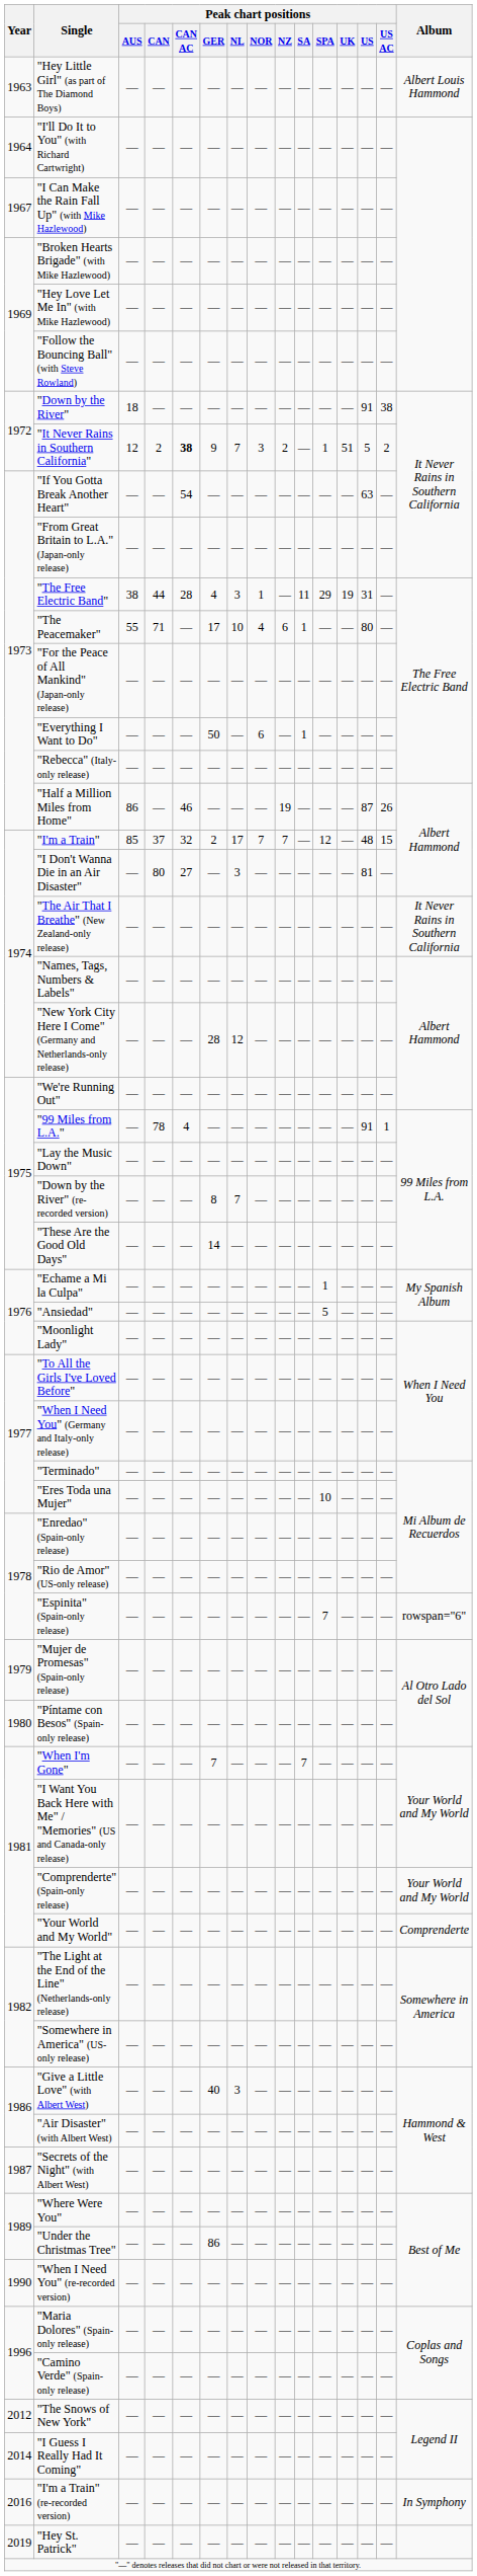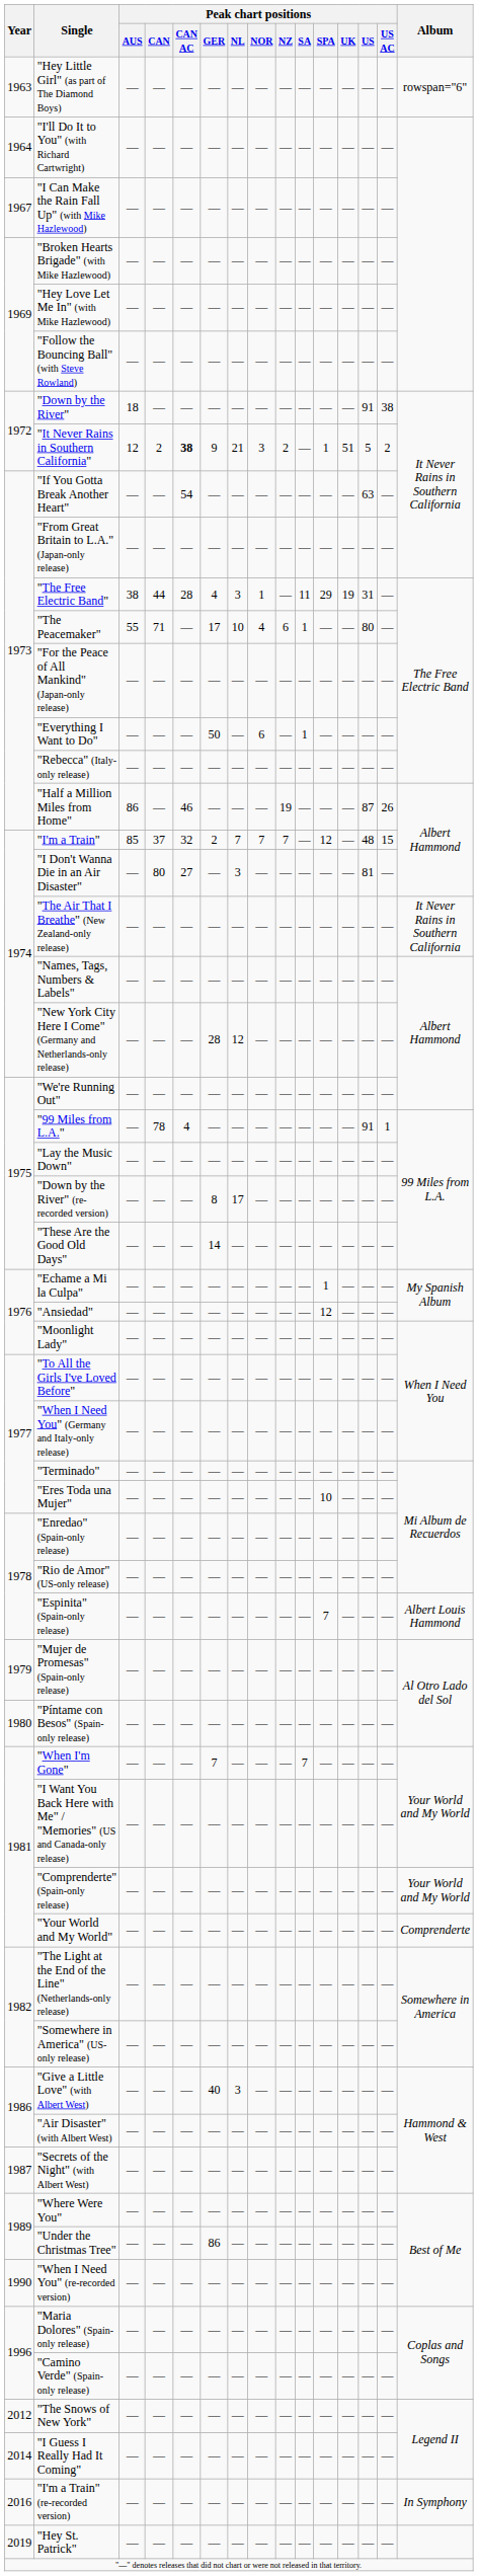 <table class="wikitable" style="text-align:center">
 <tr>
 <th rowspan="2">Year</th>
 <th rowspan="2" style="width:17em;">Single</th>
 <th colspan="12">Peak chart positions</th>
 <th rowspan="2">Album</th>
 </tr>
 <tr>
 <th><small><a href='#'>AUS</a></small><br></th>
 <th><small><a href='#'>CAN</a></small><br></th>
 <th><small><a href='#'>CAN AC</a></small><br></th>
 <th><small><a href='#'>GER</a></small><br></th>
 <th><small><a href='#'>NL</a></small><br></th>
 <th><small><a href='#'>NOR</a></small><br></th>
 <th><small><a href='#'>NZ</a></small><br></th>
 <th><small><a href='#'>SA</a></small><br></th>
 <th><small><a href='#'>SPA</a></small><br></th>
 <th><small><a href='#'>UK</a></small><br></th>
 <th><small><a href='#'>US</a></small><br></th>
 <th><small><a href='#'>US AC</a></small><br></th>
 </tr>
 <tr>
 <td>1963</td>
 <td align="left">"Hey Little Girl" <small>(as part of The Diamond Boys)</small></td>
 <td>—</td>
 <td>—</td>
 <td>—</td>
 <td>—</td>
 <td>—</td>
 <td>—</td>
 <td>—</td>
 <td>—</td>
 <td>—</td>
 <td>—</td>
 <td>—</td>
 <td>—</td>
-<td><em>Albert Louis Hammond</em></td>
+<td>rowspan="6" </td>
 </tr>
 <tr>
 <td>1964</td>
 <td align="left">"I'll Do It to You" <small>(with Richard Cartwright)</small></td>
 <td>—</td>
 <td>—</td>
 <td>—</td>
 <td>—</td>
 <td>—</td>
 <td>—</td>
 <td>—</td>
 <td>—</td>
 <td>—</td>
 <td>—</td>
 <td>—</td>
 <td>—</td>
 </tr>
 <tr>
 <td>1967</td>
 <td align="left">"I Can Make the Rain Fall Up" <small>(with <a href='#'>Mike Hazlewood</a>)</small></td>
 <td>—</td>
 <td>—</td>
 <td>—</td>
 <td>—</td>
 <td>—</td>
 <td>—</td>
 <td>—</td>
 <td>—</td>
 <td>—</td>
 <td>—</td>
 <td>—</td>
 <td>—</td>
 </tr>
 <tr>
 <td rowspan="3">1969</td>
 <td align="left">"Broken Hearts Brigade" <small>(with Mike Hazlewood)</small></td>
 <td>—</td>
 <td>—</td>
 <td>—</td>
 <td>—</td>
 <td>—</td>
 <td>—</td>
 <td>—</td>
 <td>—</td>
 <td>—</td>
 <td>—</td>
 <td>—</td>
 <td>—</td>
 </tr>
 <tr>
 <td align="left">"Hey Love Let Me In" <small>(with Mike Hazlewood)</small></td>
 <td>—</td>
 <td>—</td>
 <td>—</td>
 <td>—</td>
 <td>—</td>
 <td>—</td>
 <td>—</td>
 <td>—</td>
 <td>—</td>
 <td>—</td>
 <td>—</td>
 <td>—</td>
 </tr>
 <tr>
 <td align="left">"Follow the Bouncing Ball" <small>(with <a href='#'>Steve Rowland</a>)</small></td>
 <td>—</td>
 <td>—</td>
 <td>—</td>
 <td>—</td>
 <td>—</td>
 <td>—</td>
 <td>—</td>
 <td>—</td>
 <td>—</td>
 <td>—</td>
 <td>—</td>
 <td>—</td>
 </tr>
 <tr>
 <td rowspan="2">1972</td>
 <td align="left">"<a href='#'>Down by the River</a>"</td>
 <td>18</td>
 <td>—</td>
 <td>—</td>
 <td>—</td>
 <td>—</td>
 <td>—</td>
 <td>—</td>
 <td>—</td>
 <td>—</td>
 <td>—</td>
 <td>91</td>
 <td>38</td>
 <td rowspan="4"><em>It Never Rains in Southern California</em></td>
 </tr>
 <tr>
 <td align="left">"<a href='#'>It Never Rains in Southern California</a>"</td>
 <td>12</td>
 <td>2</td>
 <td><strong>38</strong></td>
 <td>9</td>
-<td>7</td>
+<td>21</td>
 <td>3</td>
 <td>2</td>
 <td>—</td>
 <td>1</td>
 <td>51</td>
 <td>5</td>
 <td>2</td>
 </tr>
 <tr>
 <td rowspan="8">1973</td>
 <td align="left">"If You Gotta Break Another Heart"</td>
 <td>—</td>
 <td>—</td>
 <td>54</td>
 <td>—</td>
 <td>—</td>
 <td>—</td>
 <td>—</td>
 <td>—</td>
 <td>—</td>
 <td>—</td>
 <td>63</td>
 <td>—</td>
 </tr>
 <tr>
 <td align="left">"From Great Britain to L.A." <small>(Japan-only release)</small></td>
 <td>—</td>
 <td>—</td>
 <td>—</td>
 <td>—</td>
 <td>—</td>
 <td>—</td>
 <td>—</td>
 <td>—</td>
 <td>—</td>
 <td>—</td>
 <td>—</td>
 <td>—</td>
 </tr>
 <tr>
 <td align="left">"<a href='#'>The Free Electric Band</a>"</td>
 <td>38</td>
 <td>44</td>
 <td>28</td>
 <td>4</td>
 <td>3</td>
 <td>1</td>
 <td>—</td>
 <td>11</td>
 <td>29</td>
 <td>19</td>
 <td>31</td>
 <td>—</td>
 <td rowspan="5"><em>The Free Electric Band</em></td>
 </tr>
 <tr>
 <td align="left">"The Peacemaker"</td>
 <td>55</td>
 <td>71</td>
 <td>—</td>
 <td>17</td>
 <td>10</td>
 <td>4</td>
 <td>6</td>
 <td>1</td>
 <td>—</td>
 <td>—</td>
 <td>80</td>
 <td>—</td>
 </tr>
 <tr>
 <td align="left">"For the Peace of All Mankind" <small>(Japan-only release)</small></td>
 <td>—</td>
 <td>—</td>
 <td>—</td>
 <td>—</td>
 <td>—</td>
 <td>—</td>
 <td>—</td>
 <td>—</td>
 <td>—</td>
 <td>—</td>
 <td>—</td>
 <td>—</td>
 </tr>
 <tr>
 <td align="left">"Everything I Want to Do"</td>
 <td>—</td>
 <td>—</td>
 <td>—</td>
 <td>50</td>
 <td>—</td>
 <td>6</td>
 <td>—</td>
 <td>1</td>
 <td>—</td>
 <td>—</td>
 <td>—</td>
 <td>—</td>
 </tr>
 <tr>
 <td align="left">"Rebecca" <small>(Italy-only release)</small></td>
 <td>—</td>
 <td>—</td>
 <td>—</td>
 <td>—</td>
 <td>—</td>
 <td>—</td>
 <td>—</td>
 <td>—</td>
 <td>—</td>
 <td>—</td>
 <td>—</td>
 <td>—</td>
 </tr>
 <tr>
 <td align="left">"Half a Million Miles from Home"</td>
 <td>86</td>
 <td>—</td>
 <td>46</td>
 <td>—</td>
 <td>—</td>
 <td>—</td>
 <td>19</td>
 <td>—</td>
 <td>—</td>
 <td>—</td>
 <td>87</td>
 <td>26</td>
 <td rowspan="3"><em>Albert Hammond</em></td>
 </tr>
 <tr>
 <td rowspan="5">1974</td>
 <td align="left">"<a href='#'>I'm a Train</a>"</td>
 <td>85</td>
 <td>37</td>
 <td>32</td>
 <td>2</td>
-<td>17</td>
+<td>7</td>
 <td>7</td>
 <td>7</td>
 <td>—</td>
 <td>12</td>
 <td>—</td>
 <td>48</td>
 <td>15</td>
 </tr>
 <tr>
 <td align="left">"I Don't Wanna Die in an Air Disaster"</td>
 <td>—</td>
 <td>80</td>
 <td>27</td>
 <td>—</td>
 <td>3</td>
 <td>—</td>
 <td>—</td>
 <td>—</td>
 <td>—</td>
 <td>—</td>
 <td>81</td>
 <td>—</td>
 </tr>
 <tr>
 <td align="left">"<a href='#'>The Air That I Breathe</a>" <small>(New Zealand-only release)</small></td>
 <td>—</td>
 <td>—</td>
 <td>—</td>
 <td>—</td>
 <td>—</td>
 <td>—</td>
 <td>—</td>
 <td>—</td>
 <td>—</td>
 <td>—</td>
 <td>—</td>
 <td>—</td>
 <td><em>It Never Rains in Southern California</em></td>
 </tr>
 <tr>
 <td align="left">"Names, Tags, Numbers & Labels"</td>
 <td>—</td>
 <td>—</td>
 <td>—</td>
 <td>—</td>
 <td>—</td>
 <td>—</td>
 <td>—</td>
 <td>—</td>
 <td>—</td>
 <td>—</td>
 <td>—</td>
 <td>—</td>
 <td rowspan="3"><em>Albert Hammond</em></td>
 </tr>
 <tr>
 <td align="left">"New York City Here I Come" <small>(Germany and Netherlands-only release)</small></td>
 <td>—</td>
 <td>—</td>
 <td>—</td>
 <td>28</td>
 <td>12</td>
 <td>—</td>
 <td>—</td>
 <td>—</td>
 <td>—</td>
 <td>—</td>
 <td>—</td>
 <td>—</td>
 </tr>
 <tr>
 <td rowspan="5">1975</td>
 <td align="left">"We're Running Out"</td>
 <td>—</td>
 <td>—</td>
 <td>—</td>
 <td>—</td>
 <td>—</td>
 <td>—</td>
 <td>—</td>
 <td>—</td>
 <td>—</td>
 <td>—</td>
 <td>—</td>
 <td>—</td>
 </tr>
 <tr>
 <td align="left">"<a href='#'>99 Miles from L.A.</a>"</td>
 <td>—</td>
 <td>78</td>
 <td>4</td>
 <td>—</td>
 <td>—</td>
 <td>—</td>
 <td>—</td>
 <td>—</td>
 <td>—</td>
 <td>—</td>
 <td>91</td>
 <td>1</td>
 <td rowspan="4"><em>99 Miles from L.A.</em></td>
 </tr>
 <tr>
 <td align="left">"Lay the Music Down"</td>
 <td>—</td>
 <td>—</td>
 <td>—</td>
 <td>—</td>
 <td>—</td>
 <td>—</td>
 <td>—</td>
 <td>—</td>
 <td>—</td>
 <td>—</td>
 <td>—</td>
 <td>—</td>
 </tr>
 <tr>
 <td align="left">"Down by the River" <small>(re-recorded version)</small></td>
 <td>—</td>
 <td>—</td>
 <td>—</td>
 <td>8</td>
-<td>7</td>
+<td>17</td>
 <td>—</td>
 <td>—</td>
 <td>—</td>
 <td>—</td>
 <td>—</td>
 <td>—</td>
 <td>—</td>
 </tr>
 <tr>
 <td align="left">"These Are the Good Old Days"</td>
 <td>—</td>
 <td>—</td>
 <td>—</td>
 <td>14</td>
 <td>—</td>
 <td>—</td>
 <td>—</td>
 <td>—</td>
 <td>—</td>
 <td>—</td>
 <td>—</td>
 <td>—</td>
 </tr>
 <tr>
 <td rowspan="3">1976</td>
 <td align="left">"Echame a Mi la Culpa"</td>
 <td>—</td>
 <td>—</td>
 <td>—</td>
 <td>—</td>
 <td>—</td>
 <td>—</td>
 <td>—</td>
 <td>—</td>
 <td>1</td>
 <td>—</td>
 <td>—</td>
 <td>—</td>
 <td rowspan="2"><em>My Spanish Album</em></td>
 </tr>
 <tr>
 <td align="left">"Ansiedad"</td>
 <td>—</td>
 <td>—</td>
 <td>—</td>
 <td>—</td>
 <td>—</td>
 <td>—</td>
 <td>—</td>
 <td>—</td>
-<td>5</td>
+<td>12</td>
 <td>—</td>
 <td>—</td>
 <td>—</td>
 </tr>
 <tr>
 <td align="left">"Moonlight Lady"</td>
 <td>—</td>
 <td>—</td>
 <td>—</td>
 <td>—</td>
 <td>—</td>
 <td>—</td>
 <td>—</td>
 <td>—</td>
 <td>—</td>
 <td>—</td>
 <td>—</td>
 <td>—</td>
 <td rowspan="3"><em>When I Need You</em></td>
 </tr>
 <tr>
 <td rowspan="4">1977</td>
 <td align="left">"<a href='#'>To All the Girls I've Loved Before</a>"</td>
 <td>—</td>
 <td>—</td>
 <td>—</td>
 <td>—</td>
 <td>—</td>
 <td>—</td>
 <td>—</td>
 <td>—</td>
 <td>—</td>
 <td>—</td>
 <td>—</td>
 <td>—</td>
 </tr>
 <tr>
 <td align="left">"<a href='#'>When I Need You</a>" <small>(Germany and Italy-only release)</small></td>
 <td>—</td>
 <td>—</td>
 <td>—</td>
 <td>—</td>
 <td>—</td>
 <td>—</td>
 <td>—</td>
 <td>—</td>
 <td>—</td>
 <td>—</td>
 <td>—</td>
 <td>—</td>
 </tr>
 <tr>
 <td align="left">"Terminado"</td>
 <td>—</td>
 <td>—</td>
 <td>—</td>
 <td>—</td>
 <td>—</td>
 <td>—</td>
 <td>—</td>
 <td>—</td>
 <td>—</td>
 <td>—</td>
 <td>—</td>
 <td>—</td>
 <td rowspan="4"><em>Mi Album de Recuerdos</em></td>
 </tr>
 <tr>
 <td align="left">"Eres Toda una Mujer"</td>
 <td>—</td>
 <td>—</td>
 <td>—</td>
 <td>—</td>
 <td>—</td>
 <td>—</td>
 <td>—</td>
 <td>—</td>
 <td>10</td>
 <td>—</td>
 <td>—</td>
 <td>—</td>
 </tr>
 <tr>
 <td rowspan="3">1978</td>
 <td align="left">"Enredao" <small>(Spain-only release)</small></td>
 <td>—</td>
 <td>—</td>
 <td>—</td>
 <td>—</td>
 <td>—</td>
 <td>—</td>
 <td>—</td>
 <td>—</td>
 <td>—</td>
 <td>—</td>
 <td>—</td>
 <td>—</td>
 </tr>
 <tr>
 <td align="left">"Rio de Amor" <small>(US-only release)</small></td>
 <td>—</td>
 <td>—</td>
 <td>—</td>
 <td>—</td>
 <td>—</td>
 <td>—</td>
 <td>—</td>
 <td>—</td>
 <td>—</td>
 <td>—</td>
 <td>—</td>
 <td>—</td>
 </tr>
 <tr>
 <td align="left">"Espinita" <small>(Spain-only release)</small></td>
 <td>—</td>
 <td>—</td>
 <td>—</td>
 <td>—</td>
 <td>—</td>
 <td>—</td>
 <td>—</td>
 <td>—</td>
 <td>7</td>
 <td>—</td>
 <td>—</td>
 <td>—</td>
-<td>rowspan="6" </td>
+<td><em>Albert Louis Hammond</em></td>
 </tr>
 <tr>
 <td>1979</td>
 <td align="left">"Mujer de Promesas" <small>(Spain-only release)</small></td>
 <td>—</td>
 <td>—</td>
 <td>—</td>
 <td>—</td>
 <td>—</td>
 <td>—</td>
 <td>—</td>
 <td>—</td>
 <td>—</td>
 <td>—</td>
 <td>—</td>
 <td>—</td>
 <td rowspan="2"><em>Al Otro Lado del Sol</em></td>
 </tr>
 <tr>
 <td>1980</td>
 <td align="left">"Píntame con Besos" <small>(Spain-only release)</small></td>
 <td>—</td>
 <td>—</td>
 <td>—</td>
 <td>—</td>
 <td>—</td>
 <td>—</td>
 <td>—</td>
 <td>—</td>
 <td>—</td>
 <td>—</td>
 <td>—</td>
 <td>—</td>
 </tr>
 <tr>
 <td rowspan="4">1981</td>
 <td align="left">"<a href='#'>When I'm Gone</a>"</td>
 <td>—</td>
 <td>—</td>
 <td>—</td>
 <td>7</td>
 <td>—</td>
 <td>—</td>
 <td>—</td>
 <td>7</td>
 <td>—</td>
 <td>—</td>
 <td>—</td>
 <td>—</td>
 <td rowspan="2"><em>Your World and My World</em></td>
 </tr>
 <tr>
 <td align="left">"I Want You Back Here with Me" / "Memories" <small>(US and Canada-only release)</small></td>
 <td>—</td>
 <td>—</td>
 <td>—</td>
 <td>—</td>
 <td>—</td>
 <td>—</td>
 <td>—</td>
 <td>—</td>
 <td>—</td>
 <td>—</td>
 <td>—</td>
 <td>—</td>
 </tr>
 <tr>
 <td align="left">"Comprenderte" <small>(Spain-only release)</small></td>
 <td>—</td>
 <td>—</td>
 <td>—</td>
 <td>—</td>
 <td>—</td>
 <td>—</td>
 <td>—</td>
 <td>—</td>
 <td>—</td>
 <td>—</td>
 <td>—</td>
 <td>—</td>
 <td><em>Your World and My World</em></td>
 </tr>
 <tr>
 <td align="left">"Your World and My World"</td>
 <td>—</td>
 <td>—</td>
 <td>—</td>
 <td>—</td>
 <td>—</td>
 <td>—</td>
 <td>—</td>
 <td>—</td>
 <td>—</td>
 <td>—</td>
 <td>—</td>
 <td>—</td>
 <td><em>Comprenderte</em></td>
 </tr>
 <tr>
 <td rowspan="2">1982</td>
 <td align="left">"The Light at the End of the Line" <small>(Netherlands-only release)</small></td>
 <td>—</td>
 <td>—</td>
 <td>—</td>
 <td>—</td>
 <td>—</td>
 <td>—</td>
 <td>—</td>
 <td>—</td>
 <td>—</td>
 <td>—</td>
 <td>—</td>
 <td>—</td>
 <td rowspan="2"><em>Somewhere in America</em></td>
 </tr>
 <tr>
 <td align="left">"Somewhere in America" <small>(US-only release)</small></td>
 <td>—</td>
 <td>—</td>
 <td>—</td>
 <td>—</td>
 <td>—</td>
 <td>—</td>
 <td>—</td>
 <td>—</td>
 <td>—</td>
 <td>—</td>
 <td>—</td>
 <td>—</td>
 </tr>
 <tr>
 <td rowspan="2">1986</td>
 <td align="left">"Give a Little Love" <small>(with <a href='#'>Albert West</a>)</small></td>
 <td>—</td>
 <td>—</td>
 <td>—</td>
 <td>40</td>
 <td>3</td>
 <td>—</td>
 <td>—</td>
 <td>—</td>
 <td>—</td>
 <td>—</td>
 <td>—</td>
 <td>—</td>
 <td rowspan="3"><em>Hammond & West</em></td>
 </tr>
 <tr>
 <td align="left">"Air Disaster" <small>(with Albert West)</small></td>
 <td>—</td>
 <td>—</td>
 <td>—</td>
 <td>—</td>
 <td>—</td>
 <td>—</td>
 <td>—</td>
 <td>—</td>
 <td>—</td>
 <td>—</td>
 <td>—</td>
 <td>—</td>
 </tr>
 <tr>
 <td>1987</td>
 <td align="left">"Secrets of the Night" <small>(with Albert West)</small></td>
 <td>—</td>
 <td>—</td>
 <td>—</td>
 <td>—</td>
 <td>—</td>
 <td>—</td>
 <td>—</td>
 <td>—</td>
 <td>—</td>
 <td>—</td>
 <td>—</td>
 <td>—</td>
 </tr>
 <tr>
 <td rowspan="2">1989</td>
 <td align="left">"Where Were You"</td>
 <td>—</td>
 <td>—</td>
 <td>—</td>
 <td>—</td>
 <td>—</td>
 <td>—</td>
 <td>—</td>
 <td>—</td>
 <td>—</td>
 <td>—</td>
 <td>—</td>
 <td>—</td>
 <td rowspan="3"><em>Best of Me</em></td>
 </tr>
 <tr>
 <td align="left">"Under the Christmas Tree"</td>
 <td>—</td>
 <td>—</td>
 <td>—</td>
 <td>86</td>
 <td>—</td>
 <td>—</td>
 <td>—</td>
 <td>—</td>
 <td>—</td>
 <td>—</td>
 <td>—</td>
 <td>—</td>
 </tr>
 <tr>
 <td>1990</td>
 <td align="left">"When I Need You" <small>(re-recorded version)</small></td>
 <td>—</td>
 <td>—</td>
 <td>—</td>
 <td>—</td>
 <td>—</td>
 <td>—</td>
 <td>—</td>
 <td>—</td>
 <td>—</td>
 <td>—</td>
 <td>—</td>
 <td>—</td>
 </tr>
 <tr>
 <td rowspan="2">1996</td>
 <td align="left">"Maria Dolores" <small>(Spain-only release)</small></td>
 <td>—</td>
 <td>—</td>
 <td>—</td>
 <td>—</td>
 <td>—</td>
 <td>—</td>
 <td>—</td>
 <td>—</td>
 <td>—</td>
 <td>—</td>
 <td>—</td>
 <td>—</td>
 <td rowspan="2"><em>Coplas and Songs</em></td>
 </tr>
 <tr>
 <td align="left">"Camino Verde" <small>(Spain-only release)</small></td>
 <td>—</td>
 <td>—</td>
 <td>—</td>
 <td>—</td>
 <td>—</td>
 <td>—</td>
 <td>—</td>
 <td>—</td>
 <td>—</td>
 <td>—</td>
 <td>—</td>
 <td>—</td>
 </tr>
 <tr>
 <td>2012</td>
 <td align="left">"The Snows of New York"</td>
 <td>—</td>
 <td>—</td>
 <td>—</td>
 <td>—</td>
 <td>—</td>
 <td>—</td>
 <td>—</td>
 <td>—</td>
 <td>—</td>
 <td>—</td>
 <td>—</td>
 <td>—</td>
 <td rowspan="2"><em>Legend II</em></td>
 </tr>
 <tr>
 <td>2014</td>
 <td align="left">"I Guess I Really Had It Coming"</td>
 <td>—</td>
 <td>—</td>
 <td>—</td>
 <td>—</td>
 <td>—</td>
 <td>—</td>
 <td>—</td>
 <td>—</td>
 <td>—</td>
 <td>—</td>
 <td>—</td>
 <td>—</td>
 </tr>
 <tr>
 <td>2016</td>
 <td align="left">"I'm a Train" <small>(re-recorded version)</small></td>
 <td>—</td>
 <td>—</td>
 <td>—</td>
 <td>—</td>
 <td>—</td>
 <td>—</td>
 <td>—</td>
 <td>—</td>
 <td>—</td>
 <td>—</td>
 <td>—</td>
 <td>—</td>
 <td><em>In Symphony</em></td>
 </tr>
 <tr>
 <td>2019</td>
 <td align="left">"Hey St. Patrick"</td>
 <td>—</td>
 <td>—</td>
 <td>—</td>
 <td>—</td>
 <td>—</td>
 <td>—</td>
 <td>—</td>
 <td>—</td>
 <td>—</td>
 <td>—</td>
 <td>—</td>
 <td>—</td>
 <td></td>
 </tr>
 <tr>
 <td colspan="15" style="font-size:8pt">"—" denotes releases that did not chart or were not released in that territory.</td>
 </tr>
 </table>
